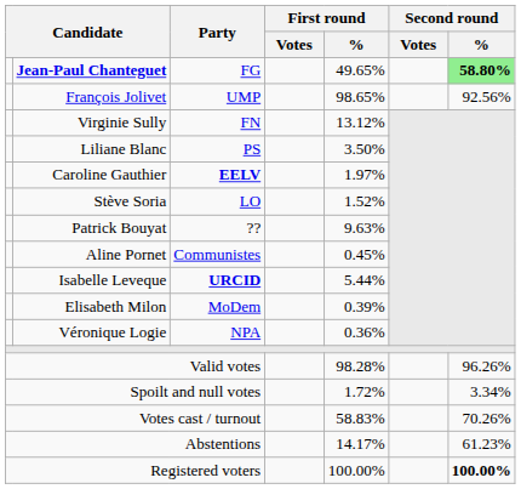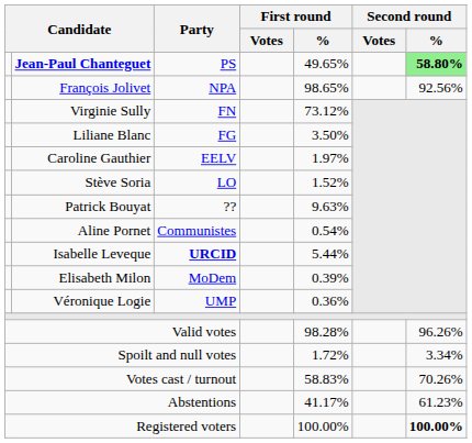 <table class="wikitable" style="text-align:right;font-size:95%;">
 <tr>
 <th rowspan=2 colspan=2>Candidate</th>
 <th rowspan=2 colspan=1>Party</th>
 <th colspan=2>First round</th>
 <th colspan=2>Second round</th>
 </tr>
 <tr>
 <th style="width:50px;">Votes</th>
 <th style="width:55px;">%</th>
 <th style="width:50px;">Votes</th>
 <th style="width:55px;">%</th>
 </tr>
 <tr>
 <td style="color:inherit;background-color:"></td>
 <td><strong><a href='#'>Jean-Paul Chanteguet</a></strong></td>
-<td><a href='#'>FG</a></td>
+<td><a href='#'>PS</a></td>
 <td></td>
 <td>49.65%</td>
 <td><strong></strong></td>
 <td style="background: lightgreen;"><strong>58.80%</strong></td>
 </tr>
 <tr>
 <td style="color:inherit;background-color:"></td>
 <td><a href='#'>François Jolivet</a></td>
-<td><a href='#'>UMP</a></td>
+<td><a href='#'>NPA</a></td>
 <td></td>
 <td>98.65%</td>
 <td></td>
 <td>92.56%</td>
 </tr>
 <tr>
 <td style="color:inherit;background-color:"></td>
 <td>Virginie Sully</td>
 <td><a href='#'>FN</a></td>
 <td></td>
-<td>13.12%</td>
+<td>73.12%</td>
 <td colspan=7 rowspan=9 style="background-color:#E9E9E9;"></td>
 </tr>
 <tr>
 <td style="color:inherit;background-color:"></td>
 <td>Liliane Blanc</td>
-<td><a href='#'>PS</a></td>
+<td><a href='#'>FG</a></td>
 <td></td>
 <td>3.50%</td>
 </tr>
 <tr>
 <td style="color:inherit;background-color:"></td>
 <td>Caroline Gauthier</td>
-<td><strong><a href='#'>EELV</a></strong></td>
+<td><a href='#'>EELV</a></td>
 <td></td>
 <td>1.97%</td>
 </tr>
 <tr>
 <td style="color:inherit;background-color:"></td>
 <td>Stève Soria</td>
 <td><a href='#'>LO</a></td>
 <td></td>
 <td>1.52%</td>
 </tr>
 <tr>
 <td style="background-color:;"></td>
 <td>Patrick Bouyat</td>
 <td>??</td>
 <td></td>
 <td>9.63%</td>
 </tr>
 <tr>
 <td style="color:inherit;background-color:"></td>
 <td>Aline Pornet</td>
 <td><a href='#'>Communistes</a></td>
 <td></td>
-<td>0.45%</td>
+<td>0.54%</td>
 </tr>
 <tr>
 <td style="color:inherit;background-color:"></td>
 <td>Isabelle Leveque</td>
 <td><strong><a href='#'>URCID</a></strong></td>
 <td></td>
 <td>5.44%</td>
 </tr>
 <tr>
 <td style="color:inherit;background-color:"></td>
 <td>Elisabeth Milon</td>
 <td><a href='#'>MoDem</a></td>
 <td></td>
 <td>0.39%</td>
 </tr>
 <tr>
 <td style="color:inherit;background-color:"></td>
 <td>Véronique Logie</td>
-<td><a href='#'>NPA</a></td>
+<td><a href='#'>UMP</a></td>
 <td></td>
 <td>0.36%</td>
 </tr>
 <tr>
 <td colspan=7 style="background-color:#E9E9E9;"></td>
 </tr>
 <tr>
 <td colspan=3>Valid votes</td>
 <td></td>
 <td>98.28%</td>
 <td></td>
 <td>96.26%</td>
 </tr>
 <tr>
 <td colspan=3>Spoilt and null votes</td>
 <td></td>
 <td>1.72%</td>
 <td></td>
 <td>3.34%</td>
 </tr>
 <tr>
 <td colspan=3>Votes cast / turnout</td>
 <td></td>
 <td>58.83%</td>
 <td></td>
 <td>70.26%</td>
 </tr>
 <tr>
 <td colspan=3>Abstentions</td>
 <td></td>
-<td>14.17%</td>
+<td>41.17%</td>
 <td></td>
 <td>61.23%</td>
 </tr>
 <tr>
 <td colspan=3>Registered voters</td>
 <td></td>
 <td>100.00%</td>
 <td></td>
 <td><strong>100.00%</strong></td>
 </tr>
 </table>
